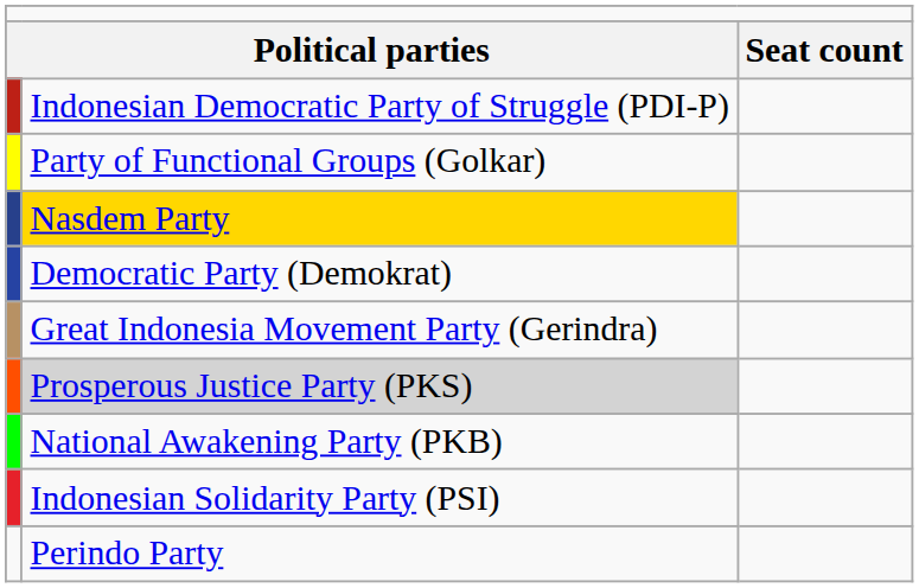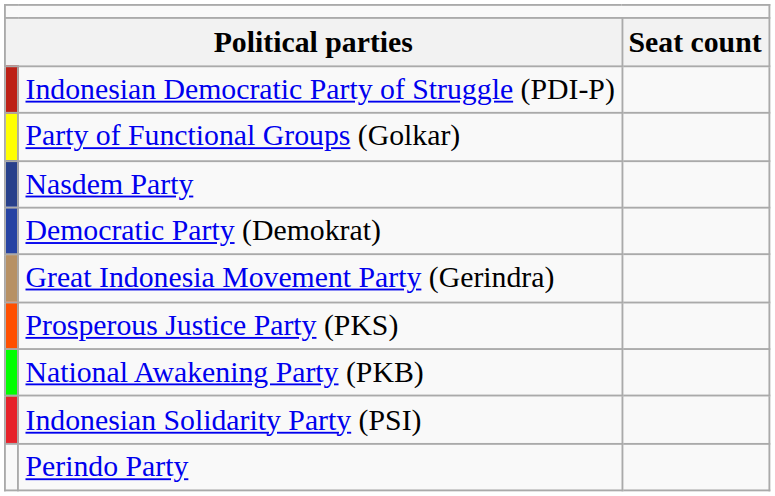 <table class="wikitable">
 <tr>
 <td colspan="4"></td>
 </tr>
 <tr>
 <th colspan="2">Political parties</th>
 <th>Seat count</th>
 </tr>
 <tr>
 <td bgcolor=#BD2016></td>
 <td><a href='#'>Indonesian Democratic Party of Struggle</a> (PDI-P)</td>
 <td></td>
 </tr>
 <tr>
 <td bgcolor=#FFFF00></td>
 <td><a href='#'>Party of Functional Groups</a> (Golkar)</td>
 <td></td>
 </tr>
 <tr>
 <td bgcolor=#27408B></td>
-<td style="background: gold;"><a href='#'>Nasdem Party</a></td>
+<td><a href='#'>Nasdem Party</a></td>
 <td></td>
 </tr>
 <tr>
 <td bgcolor=#2643A3></td>
 <td><a href='#'>Democratic Party</a> (Demokrat)</td>
 <td></td>
 </tr>
 <tr>
 <td bgcolor=#B79164></td>
 <td><a href='#'>Great Indonesia Movement Party</a> (Gerindra)</td>
 <td></td>
 </tr>
 <tr>
 <td bgcolor=#FF4F00></td>
-<td style="background: lightgrey;"><a href='#'>Prosperous Justice Party</a> (PKS)</td>
+<td><a href='#'>Prosperous Justice Party</a> (PKS)</td>
 <td></td>
 </tr>
 <tr>
 <td bgcolor=#00FF00></td>
 <td><a href='#'>National Awakening Party</a> (PKB)</td>
 <td></td>
 </tr>
 <tr>
 <td bgcolor=#E6212A></td>
 <td><a href='#'>Indonesian Solidarity Party</a> (PSI)</td>
 <td></td>
 </tr>
 <tr>
 <td bgcolor=></td>
 <td><a href='#'>Perindo Party</a></td>
 <td></td>
 </tr>
 </table>
